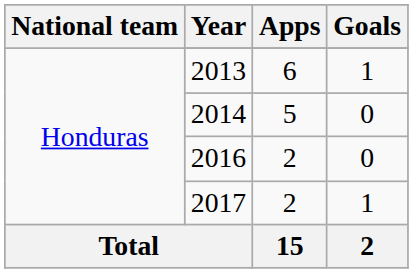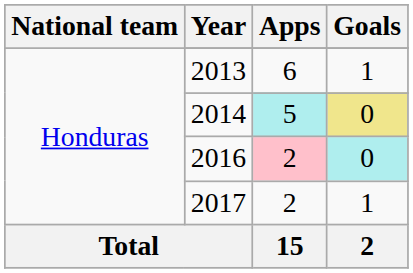 <table class="wikitable" style="text-align:center">
 <tr>
 <th>National team</th>
 <th>Year</th>
 <th>Apps</th>
 <th>Goals</th>
 </tr>
 <tr>
 <td rowspan="5"><a href='#'>Honduras</a></td>
 </tr>
 <tr>
 <td>2013</td>
 <td>6</td>
 <td>1</td>
 </tr>
 <tr>
 <td>2014</td>
-<td>5</td>
-<td>0</td>
+<td style="background: paleturquoise;">5</td>
+<td style="background: khaki;">0</td>
 </tr>
 <tr>
 <td>2016</td>
-<td>2</td>
-<td>0</td>
+<td style="background: pink;">2</td>
+<td style="background: paleturquoise;">0</td>
 </tr>
 <tr>
 <td>2017</td>
 <td>2</td>
 <td>1</td>
 </tr>
 <tr>
 <th colspan="2">Total</th>
 <th>15</th>
 <th>2</th>
 </tr>
 </table>
